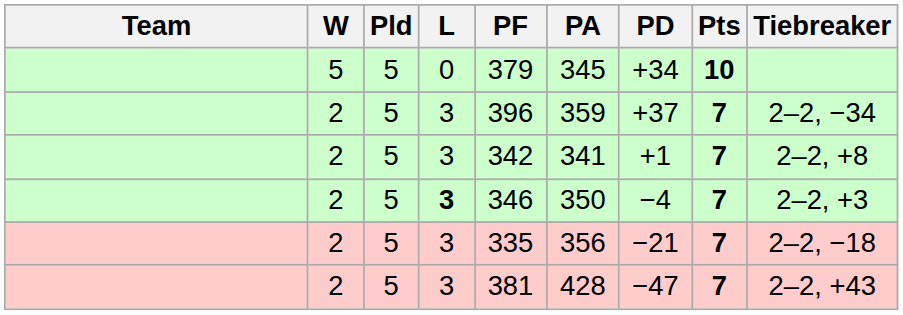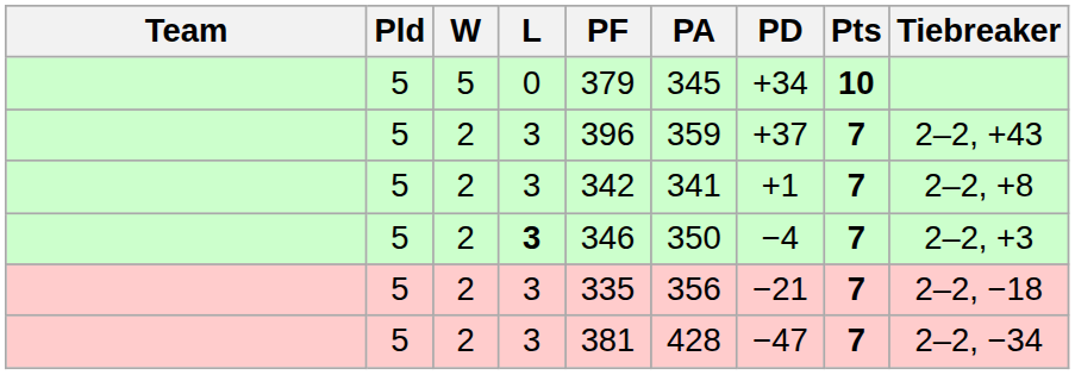 <table class="wikitable" style="text-align:center;">
 <tr>
 <th width=170>Team</th>
+<th width=25>Pld</th>
 <th width=25>W</th>
-<th width=25>Pld</th>
 <th width=25>L</th>
 <th width=35>PF</th>
 <th width=35>PA</th>
 <th width=35>PD</th>
 <th width=25>Pts</th>
 <th width=25>Tiebreaker</th>
 </tr>
 <tr bgcolor=ccffcc>
 <td align="left"></td>
 <td>5</td>
 <td>5</td>
 <td>0</td>
 <td>379</td>
 <td>345</td>
 <td>+34</td>
 <td><strong>10</strong></td>
 <td></td>
 </tr>
 <tr bgcolor=ccffcc>
 <td align="left"></td>
+<td>5</td>
 <td>2</td>
-<td>5</td>
 <td>3</td>
 <td>396</td>
 <td>359</td>
 <td>+37</td>
 <td><strong>7</strong></td>
-<td>2–2, −34</td>
+<td>2–2, +43</td>
 </tr>
 <tr bgcolor=ccffcc>
 <td align="left"></td>
+<td>5</td>
 <td>2</td>
-<td>5</td>
 <td>3</td>
 <td>342</td>
 <td>341</td>
 <td>+1</td>
 <td><strong>7</strong></td>
 <td>2–2, +8</td>
 </tr>
 <tr bgcolor=ccffcc>
 <td align="left"></td>
+<td>5</td>
 <td>2</td>
-<td>5</td>
 <td><strong>3</strong></td>
 <td>346</td>
 <td>350</td>
 <td>−4</td>
 <td><strong>7</strong></td>
 <td>2–2, +3</td>
 </tr>
 <tr bgcolor=ffcccc>
 <td align="left"></td>
+<td>5</td>
 <td>2</td>
-<td>5</td>
 <td>3</td>
 <td>335</td>
 <td>356</td>
 <td>−21</td>
 <td><strong>7</strong></td>
 <td>2–2, −18</td>
 </tr>
 <tr bgcolor=ffcccc>
 <td align="left"></td>
+<td>5</td>
 <td>2</td>
-<td>5</td>
 <td>3</td>
 <td>381</td>
 <td>428</td>
 <td>−47</td>
 <td><strong>7</strong></td>
-<td>2–2, +43</td>
+<td>2–2, −34</td>
 </tr>
 </table>
